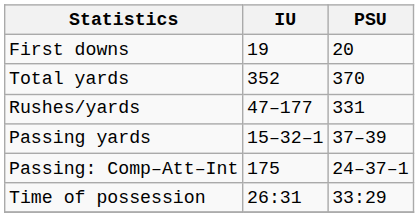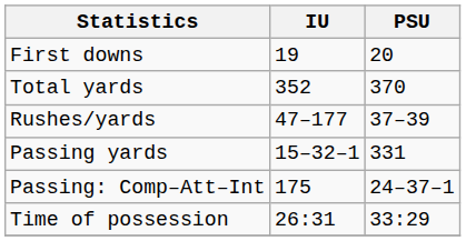 <table class="wikitable" style="float: left;">
 <tr>
 <th>Statistics</th>
 <th>IU</th>
 <th>PSU</th>
 </tr>
 <tr>
 <td>First downs</td>
 <td>19</td>
 <td>20</td>
 </tr>
 <tr>
 <td>Total yards</td>
 <td>352</td>
 <td>370</td>
 </tr>
 <tr>
 <td>Rushes/yards</td>
 <td>47–177</td>
-<td>331</td>
+<td>37–39</td>
 </tr>
 <tr>
 <td>Passing yards</td>
 <td>15–32–1</td>
-<td>37–39</td>
+<td>331</td>
 </tr>
 <tr>
 <td>Passing: Comp–Att–Int</td>
 <td>175</td>
 <td>24–37–1</td>
 </tr>
 <tr>
 <td>Time of possession</td>
 <td>26:31</td>
 <td>33:29</td>
 </tr>
 <tr>
 </tr>
 </table>
